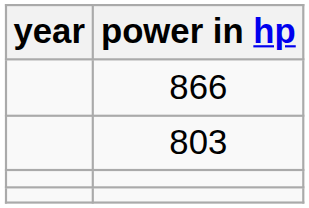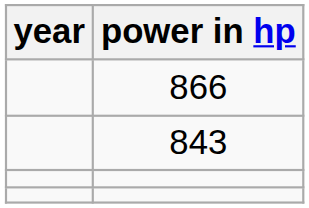 <table class="wikitable" style="margin:auto">
 <tr>
 <th>year</th>
 <th>power in <a href='#'>hp</a></th>
 </tr>
 <tr>
 <td align="center"></td>
 <td align="center">866 </td>
 </tr>
 <tr>
 <td align="center"></td>
-<td align="center">803 </td>
+<td align="center">843 </td>
 </tr>
 <tr>
 <td align="center"></td>
 <td align="center"> </td>
 </tr>
 <tr>
 <td align="center"></td>
 <td align="center"> </td>
 </tr>
 </table>
